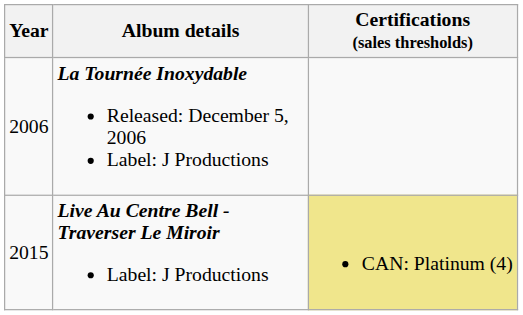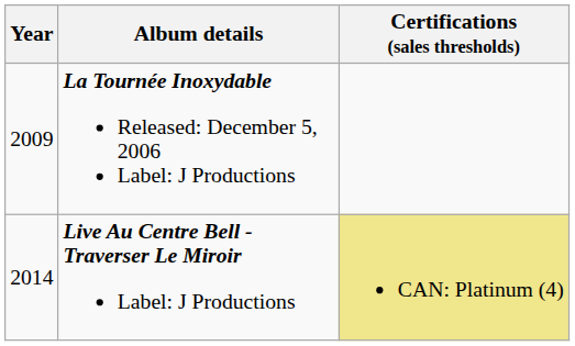 <table class="wikitable">
 <tr>
 <th>Year</th>
 <th style="width:200px;">Album details</th>
 <th>Certifications<br><small>(sales thresholds)</small></th>
 </tr>
 <tr>
-<td>2006</td>
+<td>2009</td>
 <td><strong><em>La Tournée Inoxydable</em></strong><br><ul><li>Released: December 5, 2006</li><li>Label:  J Productions</li></ul></td>
 <td></td>
 </tr>
 <tr>
-<td>2015</td>
+<td>2014</td>
 <td><strong><em>Live Au Centre Bell - Traverser Le Miroir</em></strong><br><ul><li>Label:  J Productions</li></ul></td>
 <td style="background: khaki;"><br><ul><li>CAN: Platinum (4)</li></ul></td>
 </tr>
 </table>
